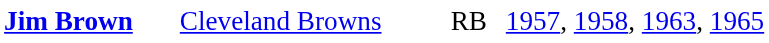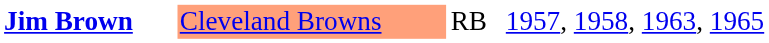 <table style="border:'1' 'solid' 'gray' " width="500">
 <tr>
 </tr>
 <tr>
 <td><strong><a href='#'>Jim Brown</a></strong></td>
-<td><a href='#'>Cleveland Browns</a></td>
+<td style="background: lightsalmon;"><a href='#'>Cleveland Browns</a></td>
 <td>RB</td>
 <td><a href='#'>1957</a>, <a href='#'>1958</a>, <a href='#'>1963</a>, <a href='#'>1965</a></td>
 </tr>
 </table>
